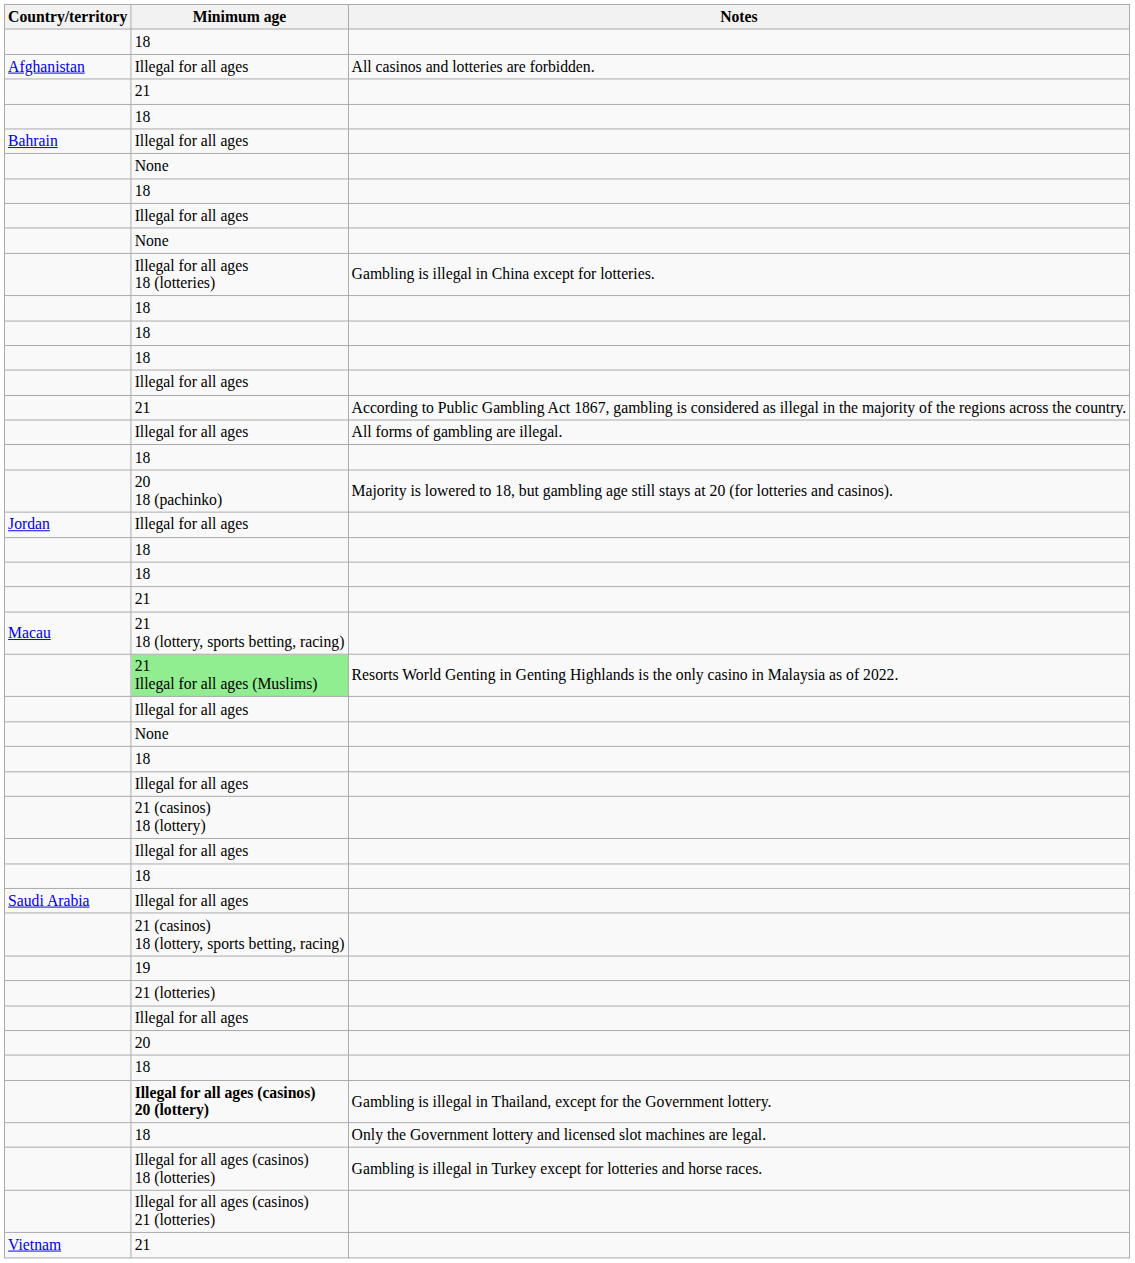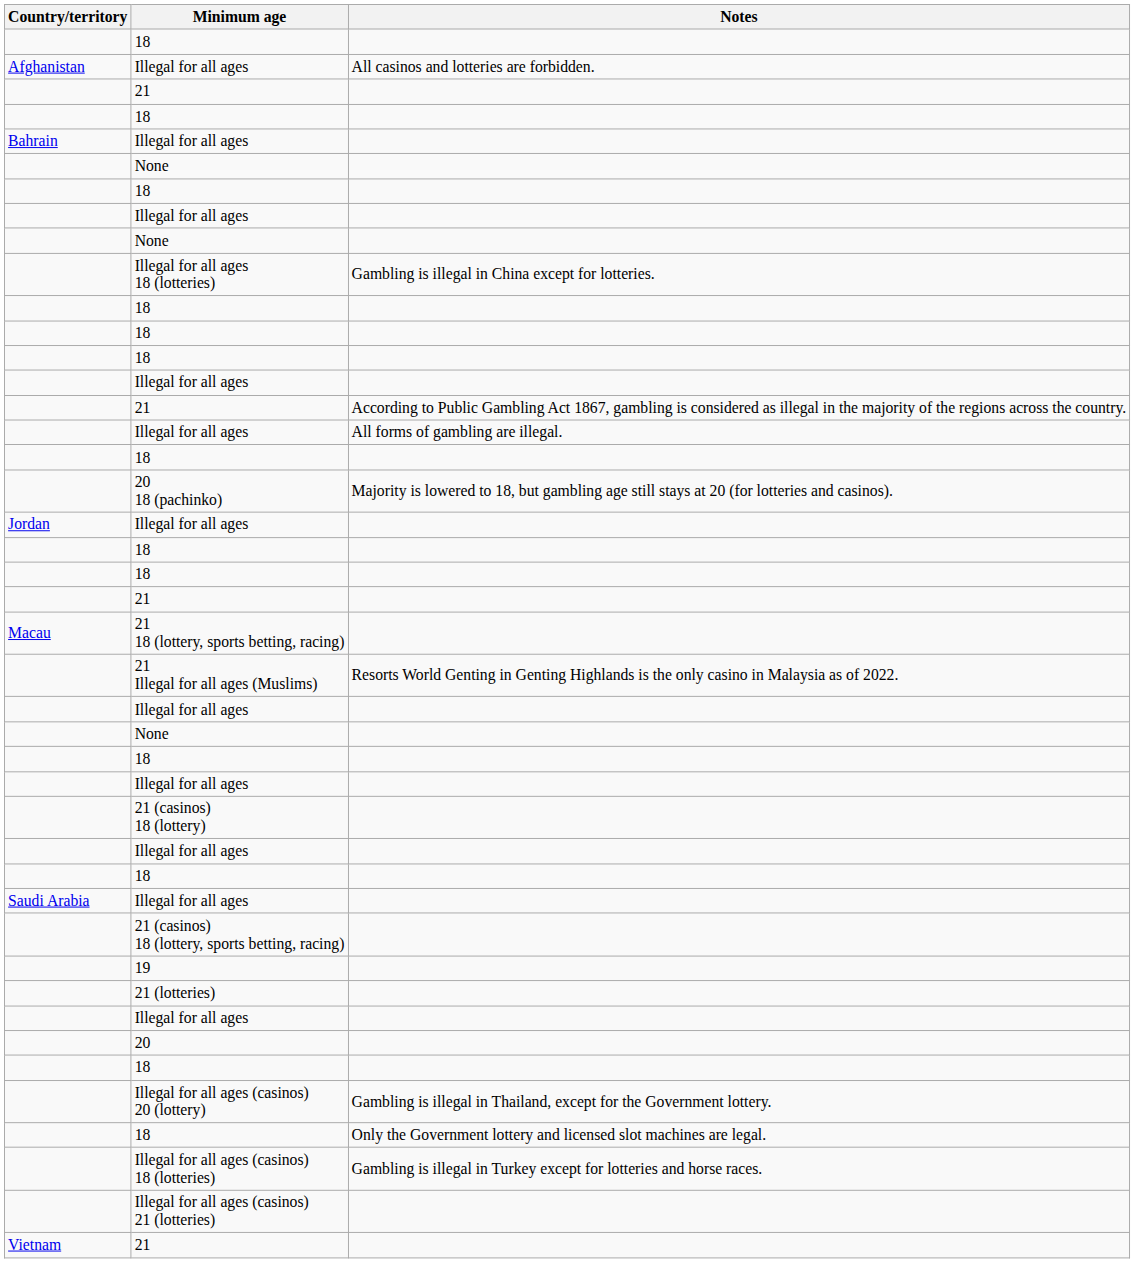 <table class="wikitable sortable">
 <tr>
 <th>Country/territory</th>
 <th>Minimum age</th>
 <th class=unsortable>Notes</th>
 </tr>
 <tr>
 <td></td>
 <td>18</td>
 <td></td>
 </tr>
 <tr>
 <td> <a href='#'>Afghanistan</a></td>
 <td>Illegal for all ages</td>
 <td>All casinos and lotteries are forbidden.</td>
 </tr>
 <tr>
 <td></td>
 <td>21</td>
 <td></td>
 </tr>
 <tr>
 <td></td>
 <td>18</td>
 <td></td>
 </tr>
 <tr>
 <td> <a href='#'>Bahrain</a></td>
 <td>Illegal for all ages</td>
 <td></td>
 </tr>
 <tr>
 <td></td>
 <td>None</td>
 <td></td>
 </tr>
 <tr>
 <td></td>
 <td>18</td>
 <td></td>
 </tr>
 <tr>
 <td></td>
 <td>Illegal for all ages</td>
 <td></td>
 </tr>
 <tr>
 <td></td>
 <td>None</td>
 <td></td>
 </tr>
 <tr>
 <td></td>
 <td>Illegal for all ages<br>18 (lotteries)</td>
 <td>Gambling is illegal in China except for lotteries.</td>
 </tr>
 <tr>
 <td></td>
 <td>18</td>
 <td></td>
 </tr>
 <tr>
 <td></td>
 <td>18</td>
 <td></td>
 </tr>
 <tr>
 <td></td>
 <td>18</td>
 <td></td>
 </tr>
 <tr>
 <td></td>
 <td>Illegal for all ages</td>
 <td></td>
 </tr>
 <tr>
 <td></td>
 <td>21</td>
 <td>According to Public Gambling Act 1867, gambling is considered as illegal in the majority of the regions across the country. </td>
 </tr>
 <tr>
 <td></td>
 <td>Illegal for all ages</td>
 <td>All forms of gambling are illegal.</td>
 </tr>
 <tr>
 <td></td>
 <td>18</td>
 <td></td>
 </tr>
 <tr>
 <td></td>
 <td>20<br>18 (pachinko) </td>
 <td>Majority is lowered to 18, but gambling age still stays at 20 (for lotteries and casinos).</td>
 </tr>
 <tr>
 <td> <a href='#'>Jordan</a></td>
 <td>Illegal for all ages</td>
 <td></td>
 </tr>
 <tr>
 <td></td>
 <td>18</td>
 <td></td>
 </tr>
 <tr>
 <td></td>
 <td>18</td>
 <td></td>
 </tr>
 <tr>
 <td></td>
 <td>21</td>
 <td></td>
 </tr>
 <tr>
 <td> <a href='#'>Macau</a></td>
 <td>21 <br>18 (lottery, sports betting, racing)</td>
 <td></td>
 </tr>
 <tr>
 <td></td>
-<td style="background: lightgreen;">21<br>Illegal for all ages (Muslims)</td>
+<td>21<br>Illegal for all ages (Muslims)</td>
 <td>Resorts World Genting in Genting Highlands is the only casino in Malaysia as of 2022.</td>
 </tr>
 <tr>
 <td></td>
 <td>Illegal for all ages</td>
 <td></td>
 </tr>
 <tr>
 <td></td>
 <td>None</td>
 <td></td>
 </tr>
 <tr>
 <td></td>
 <td>18</td>
 <td></td>
 </tr>
 <tr>
 <td></td>
 <td>Illegal for all ages</td>
 <td></td>
 </tr>
 <tr>
 <td></td>
 <td>21 (casinos)<br>18 (lottery)</td>
 <td></td>
 </tr>
 <tr>
 <td></td>
 <td>Illegal for all ages</td>
 <td></td>
 </tr>
 <tr>
 <td></td>
 <td>18</td>
 <td></td>
 </tr>
 <tr>
 <td> <a href='#'>Saudi Arabia</a></td>
 <td>Illegal for all ages</td>
 <td></td>
 </tr>
 <tr>
 <td></td>
 <td>21 (casinos)<br>18 (lottery, sports betting, racing)</td>
 <td></td>
 </tr>
 <tr>
 <td></td>
 <td>19</td>
 <td></td>
 </tr>
 <tr>
 <td></td>
 <td>21 (lotteries)</td>
 <td></td>
 </tr>
 <tr>
 <td></td>
 <td>Illegal for all ages</td>
 <td></td>
 </tr>
 <tr>
 <td></td>
 <td>20</td>
 <td></td>
 </tr>
 <tr>
 <td></td>
 <td>18</td>
 <td></td>
 </tr>
 <tr>
 <td></td>
-<td><strong>Illegal for all ages (casinos)<br>20 (lottery)</strong></td>
+<td>Illegal for all ages (casinos)<br>20 (lottery)</td>
 <td>Gambling is illegal in Thailand, except for the Government lottery.</td>
 </tr>
 <tr>
 <td></td>
 <td>18</td>
 <td>Only the Government lottery and licensed slot machines are legal.</td>
 </tr>
 <tr>
 <td></td>
 <td>Illegal for all ages (casinos)<br> 18 (lotteries)</td>
 <td>Gambling is illegal in Turkey except for lotteries and horse races.</td>
 </tr>
 <tr>
 <td></td>
 <td>Illegal for all ages (casinos)<br> 21 (lotteries)</td>
 <td></td>
 </tr>
 <tr>
 <td> <a href='#'>Vietnam</a></td>
 <td>21</td>
 <td></td>
 </tr>
 </table>
